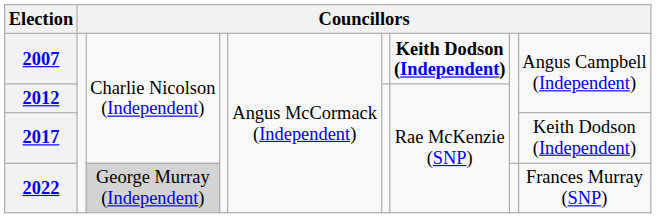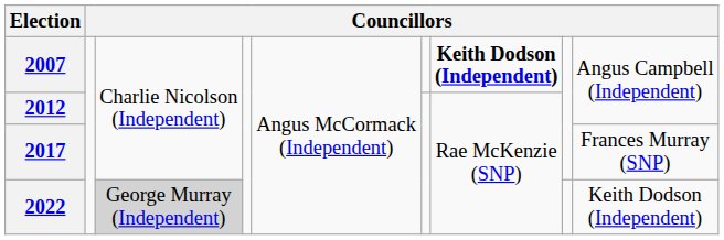 <table class="wikitable" style="text-align:center">
 <tr>
 <th>Election</th>
 <th colspan=8>Councillors</th>
 </tr>
 <tr>
 <th><a href='#'>2007</a></th>
 <td rowspan=4; style="background-color: "></td>
 <td rowspan=3>Charlie Nicolson<br>(<a href='#'>Independent</a>)</td>
 <td rowspan=4; style="background-color: "></td>
 <td rowspan=4>Angus McCormack<br>(<a href='#'>Independent</a>)</td>
 <td rowspan=1; style="background-color: "></td>
 <td rowspan=1><strong>Keith Dodson<br>(<a href='#'>Independent</a>)</strong></td>
 <td rowspan=3; style="background-color: "></td>
 <td rowspan=2>Angus Campbell<br>(<a href='#'>Independent</a>)</td>
 </tr>
 <tr>
 <th><a href='#'>2012</a></th>
 <td rowspan=3; style="background-color: "></td>
 <td rowspan=3>Rae McKenzie<br>(<a href='#'>SNP</a>)</td>
 </tr>
 <tr>
 <th><a href='#'>2017</a></th>
-<td rowspan=1>Keith Dodson<br>(<a href='#'>Independent</a>)</td>
+<td rowspan=1>Frances Murray<br>(<a href='#'>SNP</a>)</td>
 </tr>
 <tr>
 <th><a href='#'>2022</a></th>
 <td style="background: lightgrey;">George Murray<br>(<a href='#'>Independent</a>)</td>
 <td rowspan=1; style="background-color: "></td>
-<td rowspan=1>Frances Murray<br>(<a href='#'>SNP</a>)</td>
+<td rowspan=1>Keith Dodson<br>(<a href='#'>Independent</a>)</td>
 </tr>
 </table>
